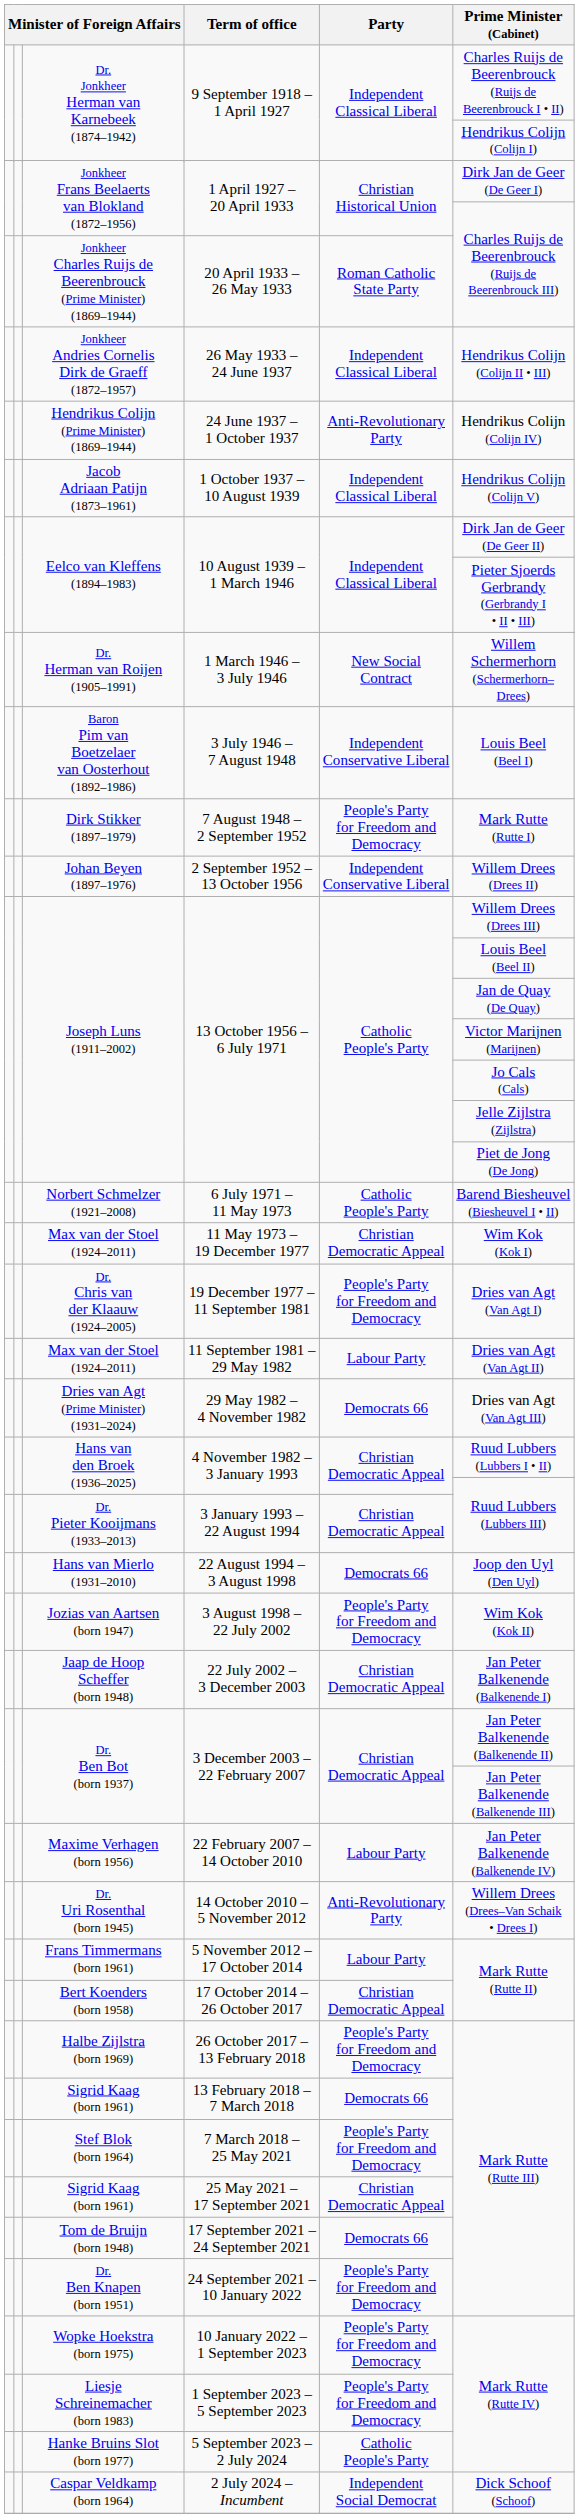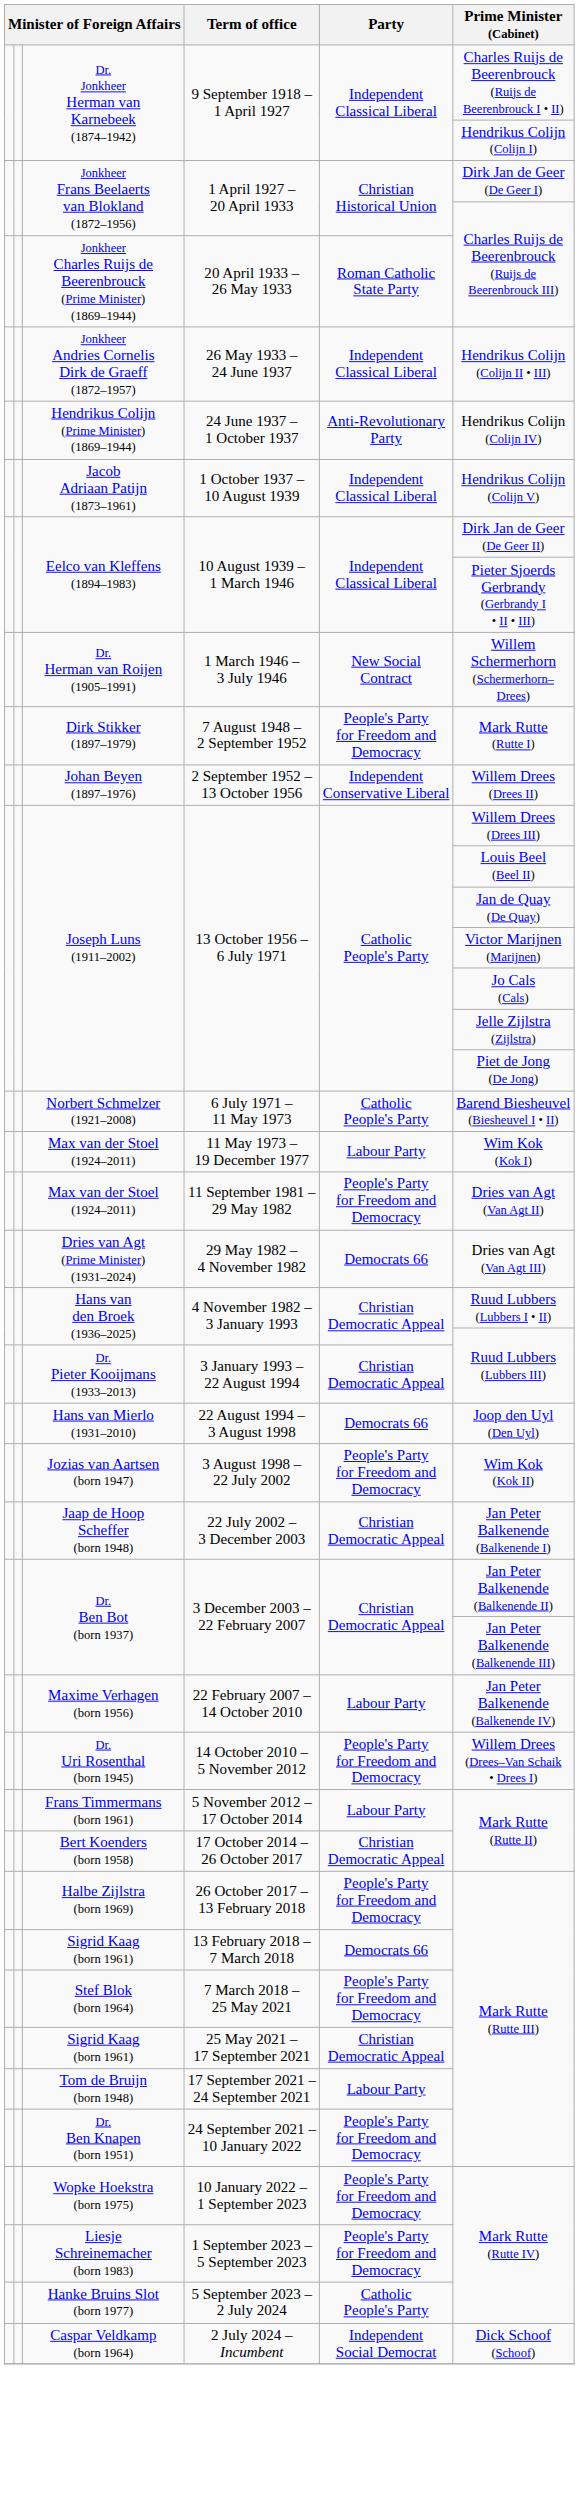 <table class="wikitable" style="text-align:center">
 <tr>
 <th colspan=3>Minister of Foreign Affairs</th>
 <th>Term of office</th>
 <th>Party</th>
 <th>Prime Minister <br> <small>(Cabinet)</small></th>
 </tr>
 <tr>
 <td rowspan=3 style="background:"></td>
 <td rowspan=3></td>
 <td rowspan=3><small><a href='#'>Dr.</a></small> <br> <small><a href='#'>Jonkheer</a></small> <br> <a href='#'>Herman van <br> Karnebeek</a> <br> <small>(1874–1942)</small></td>
 <td rowspan=3>9 September 1918 – <br> 1 April 1927 <br> </td>
 <td rowspan=3><a href='#'>Independent</a> <br> <a href='#'>Classical Liberal</a></td>
 <td><a href='#'>Charles Ruijs de <br> Beerenbrouck</a> <br> <small>(<a href='#'>Ruijs de <br> Beerenbrouck I</a> • <a href='#'>II</a>)</small> <br></td>
 </tr>
 <tr>
 <td><a href='#'>Hendrikus Colijn</a> <br> <small>(<a href='#'>Colijn I</a>)</small> <br></td>
 </tr>
 <tr>
 <td rowspan=2><a href='#'>Dirk Jan de Geer</a> <br> <small>(<a href='#'>De Geer I</a>)</small> <br></td>
 </tr>
 <tr>
 <td rowspan=2 style="background:"></td>
 <td rowspan=2></td>
 <td rowspan=2><small><a href='#'>Jonkheer</a></small> <br> <a href='#'>Frans Beelaerts <br> van Blokland</a> <br> <small>(1872–1956)</small></td>
 <td rowspan=2>1 April 1927 – <br> 20 April 1933 <br> </td>
 <td rowspan=2><a href='#'>Christian <br> Historical Union</a></td>
 </tr>
 <tr>
 <td rowspan=2><a href='#'>Charles Ruijs de <br> Beerenbrouck</a> <br> <small>(<a href='#'>Ruijs de <br> Beerenbrouck III</a>)</small> <br></td>
 </tr>
 <tr>
 <td style="background:"></td>
 <td></td>
 <td><small><a href='#'>Jonkheer</a></small> <br> <a href='#'>Charles Ruijs de <br> Beerenbrouck</a> <br> <small>(<a href='#'>Prime Minister</a>)</small> <br> <small>(1869–1944)</small></td>
 <td>20 April 1933 – <br> 26 May 1933 <br> </td>
 <td><a href='#'>Roman Catholic <br> State Party</a></td>
 </tr>
 <tr>
 <td style="background:"></td>
 <td></td>
 <td><small><a href='#'>Jonkheer</a></small> <br> <a href='#'>Andries Cornelis <br> Dirk de Graeff</a> <br> <small>(1872–1957)</small></td>
 <td>26 May 1933 – <br> 24 June 1937</td>
 <td><a href='#'>Independent</a> <br> <a href='#'>Classical Liberal</a></td>
 <td><a href='#'>Hendrikus Colijn</a> <br> <small>(<a href='#'>Colijn II</a> • <a href='#'>III</a>)</small> <br></td>
 </tr>
 <tr>
 <td style="background:"></td>
 <td></td>
 <td><a href='#'>Hendrikus Colijn</a> <br> <small>(<a href='#'>Prime Minister</a>)</small> <br> <small>(1869–1944)</small></td>
 <td>24 June 1937 – <br> 1 October 1937 <br> </td>
 <td><a href='#'>Anti-Revolutionary <br> Party</a></td>
 <td rowspan=2>Hendrikus Colijn <br> <small>(<a href='#'>Colijn IV</a>)</small> <br></td>
 </tr>
 <tr>
 <td rowspan=2 style="background:"></td>
 <td rowspan=2></td>
 <td rowspan=2><a href='#'>Jacob <br> Adriaan Patijn</a> <br> <small>(1873–1961)</small></td>
 <td rowspan=2>1 October 1937 – <br> 10 August 1939</td>
 <td rowspan=2><a href='#'>Independent</a> <br> <a href='#'>Classical Liberal</a></td>
 </tr>
 <tr>
 <td><a href='#'>Hendrikus Colijn</a> <br> <small>(<a href='#'>Colijn V</a>)</small> <br></td>
 </tr>
 <tr>
 <td rowspan=3 style="background:"></td>
 <td rowspan=3></td>
 <td rowspan=3><a href='#'>Eelco van Kleffens</a> <br> <small>(1894–1983)</small></td>
 <td rowspan=3>10 August 1939 – <br> 1 March 1946 <br> </td>
 <td rowspan=3><a href='#'>Independent</a> <br> <a href='#'>Classical Liberal</a></td>
 <td><a href='#'>Dirk Jan de Geer</a> <br> <small>(<a href='#'>De Geer II</a>)</small> <br></td>
 </tr>
 <tr>
 <td><a href='#'>Pieter Sjoerds <br> Gerbrandy</a> <br> <small>(<a href='#'>Gerbrandy I</a> <br> • <a href='#'>II</a> • <a href='#'>III</a>)</small> <br></td>
 </tr>
 <tr>
 <td rowspan=2><a href='#'>Willem <br> Schermerhorn</a> <br> <small>(<a href='#'>Schermerhorn–<br>Drees</a>)</small> <br></td>
 </tr>
 <tr>
 <td style="background:"></td>
 <td></td>
 <td><small><a href='#'>Dr.</a></small> <br> <a href='#'>Herman van Roijen</a> <br> <small>(1905–1991)</small></td>
 <td>1 March 1946 – <br> 3 July 1946</td>
 <td><a href='#'>New Social <br> Contract</a></td>
 </tr>
 <tr>
 <td style="background:"></td>
 <td></td>
-<td><small><a href='#'>Baron</a></small> <br> <a href='#'>Pim van <br> Boetzelaer <br> van Oosterhout</a> <br> <small>(1892–1986)</small></td>
-<td>3 July 1946 – <br> 7 August 1948</td>
-<td><a href='#'>Independent</a> <br> <a href='#'>Conservative Liberal</a></td>
-<td><a href='#'>Louis Beel</a> <br> <small>(<a href='#'>Beel I</a>)</small> <br></td>
-</tr>
-<tr>
-<td style="background:"></td>
-<td></td>
 <td><a href='#'>Dirk Stikker</a> <br> <small>(1897–1979)</small></td>
 <td>7 August 1948 – <br> 2 September 1952</td>
 <td><a href='#'>People's Party <br> for Freedom and <br> Democracy</a></td>
 <td><a href='#'>Mark Rutte</a> <br> <small>(<a href='#'>Rutte I</a>)</small> <br></td>
 </tr>
 <tr>
 <td style="background:"></td>
 <td></td>
 <td><a href='#'>Johan Beyen</a> <br> <small>(1897–1976)</small></td>
 <td>2 September 1952 – <br> 13 October 1956</td>
 <td><a href='#'>Independent</a> <br> <a href='#'>Conservative Liberal</a></td>
 <td><a href='#'>Willem Drees</a> <br> <small>(<a href='#'>Drees II</a>)</small> <br></td>
 </tr>
 <tr>
 <td rowspan=7 style="background:"></td>
 <td rowspan=7></td>
 <td rowspan=7><a href='#'>Joseph Luns</a> <br> <small>(1911–2002)</small></td>
 <td rowspan=7>13 October 1956 – <br> 6 July 1971</td>
 <td rowspan=7><a href='#'>Catholic <br> People's Party</a></td>
 <td><a href='#'>Willem Drees</a> <br> <small>(<a href='#'>Drees III</a>)</small></td>
 </tr>
 <tr>
 <td><a href='#'>Louis Beel</a> <br> <small>(<a href='#'>Beel II</a>)</small></td>
 </tr>
 <tr>
 <td><a href='#'>Jan de Quay</a> <br> <small>(<a href='#'>De Quay</a>)</small></td>
 </tr>
 <tr>
 <td><a href='#'>Victor Marijnen</a> <br> <small>(<a href='#'>Marijnen</a>)</small></td>
 </tr>
 <tr>
 <td><a href='#'>Jo Cals</a> <br> <small>(<a href='#'>Cals</a>)</small></td>
 </tr>
 <tr>
 <td><a href='#'>Jelle Zijlstra</a> <br> <small>(<a href='#'>Zijlstra</a>)</small></td>
 </tr>
 <tr>
 <td><a href='#'>Piet de Jong</a> <br> <small>(<a href='#'>De Jong</a>)</small></td>
 </tr>
 <tr>
 <td style="background:"></td>
 <td></td>
 <td><a href='#'>Norbert Schmelzer</a> <br> <small>(1921–2008)</small></td>
 <td>6 July 1971 – <br> 11 May 1973</td>
 <td><a href='#'>Catholic <br> People's Party</a></td>
 <td><a href='#'>Barend Biesheuvel</a> <br> <small>(<a href='#'>Biesheuvel I</a> • <a href='#'>II</a>)</small> <br></td>
 </tr>
 <tr>
 <td style="background:"></td>
 <td></td>
 <td><a href='#'>Max van der Stoel</a> <br> <small>(1924–2011)</small></td>
 <td>11 May 1973 – <br> 19 December 1977</td>
-<td><a href='#'>Christian <br> Democratic Appeal</a></td>
+<td><a href='#'>Labour Party</a></td>
 <td><a href='#'>Wim Kok</a> <br> <small>(<a href='#'>Kok I</a>)</small> <br></td>
-</tr>
-<tr>
-<td style="background:"></td>
-<td></td>
-<td><small><a href='#'>Dr.</a></small> <br> <a href='#'>Chris van <br> der Klaauw</a> <br> <small>(1924–2005)</small></td>
-<td>19 December 1977 – <br> 11 September 1981</td>
-<td><a href='#'>People's Party <br> for Freedom and <br> Democracy</a></td>
-<td><a href='#'>Dries van Agt</a> <br> <small>(<a href='#'>Van Agt I</a>)</small> <br></td>
 </tr>
 <tr>
 <td style="background:"></td>
 <td></td>
 <td><a href='#'>Max van der Stoel</a> <br> <small>(1924–2011)</small></td>
 <td>11 September 1981 – <br> 29 May 1982 <br> </td>
-<td><a href='#'>Labour Party</a></td>
+<td><a href='#'>People's Party <br> for Freedom and <br> Democracy</a></td>
 <td><a href='#'>Dries van Agt</a> <br> <small>(<a href='#'>Van Agt II</a>)</small> <br></td>
 </tr>
 <tr>
 <td style="background:"></td>
 <td></td>
 <td><a href='#'>Dries van Agt</a> <br> <small>(<a href='#'>Prime Minister</a>)</small> <br> <small>(1931–2024)</small></td>
 <td>29 May 1982 – <br> 4 November 1982</td>
 <td><a href='#'>Democrats 66</a></td>
 <td>Dries van Agt <br> <small>(<a href='#'>Van Agt III</a>)</small> <br></td>
 </tr>
 <tr>
 <td rowspan=2 style="background:"></td>
 <td rowspan=2></td>
 <td rowspan=2><a href='#'>Hans van <br> den Broek</a> <br> <small>(1936–2025)</small></td>
 <td rowspan=2>4 November 1982 – <br> 3 January 1993 <br> </td>
 <td rowspan=2><a href='#'>Christian <br> Democratic Appeal</a></td>
 <td><a href='#'>Ruud Lubbers</a> <br> <small>(<a href='#'>Lubbers I</a> • <a href='#'>II</a>)</small> <br></td>
 </tr>
 <tr>
 <td rowspan=2><a href='#'>Ruud Lubbers</a> <br> <small>(<a href='#'>Lubbers III</a>)</small> <br></td>
 </tr>
 <tr>
 <td style="background:"></td>
 <td></td>
 <td><small><a href='#'>Dr.</a></small> <br> <a href='#'>Pieter Kooijmans</a> <br> <small>(1933–2013)</small></td>
 <td>3 January 1993 – <br> 22 August 1994</td>
 <td><a href='#'>Christian <br> Democratic Appeal</a></td>
 </tr>
 <tr>
 <td style="background:"></td>
 <td></td>
 <td><a href='#'>Hans van Mierlo</a> <br> <small>(1931–2010)</small> <br> <small></small></td>
 <td>22 August 1994 – <br> 3 August 1998</td>
 <td><a href='#'>Democrats 66</a></td>
 <td><a href='#'>Joop den Uyl</a> <br> <small>(<a href='#'>Den Uyl</a>)</small> <br></td>
 </tr>
 <tr>
 <td style="background:"></td>
 <td></td>
 <td><a href='#'>Jozias van Aartsen</a> <br> <small>(born 1947)</small></td>
 <td>3 August 1998 – <br> 22 July 2002</td>
 <td><a href='#'>People's Party <br> for Freedom and <br> Democracy</a></td>
 <td><a href='#'>Wim Kok</a> <br> <small>(<a href='#'>Kok II</a>)</small> <br></td>
 </tr>
 <tr>
 <td rowspan=2 style="background:"></td>
 <td rowspan=2></td>
 <td rowspan=2><a href='#'>Jaap de Hoop <br> Scheffer</a> <br> <small>(born 1948)</small></td>
 <td rowspan=2>22 July 2002 – <br> 3 December 2003 <br> </td>
 <td rowspan=2><a href='#'>Christian <br> Democratic Appeal</a></td>
 <td><a href='#'>Jan Peter <br> Balkenende</a> <br> <small>(<a href='#'>Balkenende I</a>)</small> <br></td>
 </tr>
 <tr>
 <td rowspan=2><a href='#'>Jan Peter <br> Balkenende</a> <br> <small>(<a href='#'>Balkenende II</a>)</small> <br></td>
 </tr>
 <tr>
 <td rowspan=2 style="background:"></td>
 <td rowspan=2></td>
 <td rowspan=2><small><a href='#'>Dr.</a></small> <br> <a href='#'>Ben Bot</a> <br> <small>(born 1937)</small></td>
 <td rowspan=2>3 December 2003 – <br> 22 February 2007</td>
 <td rowspan=2><a href='#'>Christian <br> Democratic Appeal</a></td>
 </tr>
 <tr>
 <td><a href='#'>Jan Peter <br> Balkenende</a> <br> <small>(<a href='#'>Balkenende III</a>)</small> <br></td>
 </tr>
 <tr>
 <td style="background:"></td>
 <td></td>
 <td><a href='#'>Maxime Verhagen</a> <br> <small>(born 1956)</small></td>
 <td>22 February 2007 – <br> 14 October 2010 <br> </td>
 <td><a href='#'>Labour Party</a></td>
 <td><a href='#'>Jan Peter <br> Balkenende</a> <br> <small>(<a href='#'>Balkenende IV</a>)</small> <br></td>
 </tr>
 <tr>
 <td style="background:"></td>
 <td></td>
 <td><small><a href='#'>Dr.</a></small> <br> <a href='#'>Uri Rosenthal</a> <br> <small>(born 1945)</small></td>
 <td>14 October 2010 – <br> 5 November 2012</td>
-<td><a href='#'>Anti-Revolutionary <br> Party</a></td>
+<td><a href='#'>People's Party <br> for Freedom and <br> Democracy</a></td>
 <td><a href='#'>Willem Drees</a> <br> <small>(<a href='#'>Drees–Van Schaik</a> <br> • <a href='#'>Drees I</a>)</small> <br></td>
 </tr>
 <tr>
 <td style="background:"></td>
 <td></td>
 <td><a href='#'>Frans Timmermans</a> <br> <small>(born 1961)</small></td>
 <td>5 November 2012 – <br> 17 October 2014 <br> </td>
 <td><a href='#'>Labour Party</a></td>
 <td rowspan=2><a href='#'>Mark Rutte</a> <br> <small>(<a href='#'>Rutte II</a>)</small> <br></td>
 </tr>
 <tr>
 <td style="background:"></td>
 <td></td>
 <td><a href='#'>Bert Koenders</a> <br> <small>(born 1958)</small></td>
 <td>17 October 2014 – <br> 26 October 2017</td>
 <td><a href='#'>Christian <br> Democratic Appeal</a></td>
 </tr>
 <tr>
 <td style="background:"></td>
 <td></td>
 <td><a href='#'>Halbe Zijlstra</a> <br> <small>(born 1969)</small></td>
 <td>26 October 2017 – <br> 13 February 2018 <br> </td>
 <td><a href='#'>People's Party <br> for Freedom and <br> Democracy</a></td>
 <td rowspan=6><a href='#'>Mark Rutte</a> <br> <small>(<a href='#'>Rutte III</a>)</small> <br></td>
 </tr>
 <tr>
 <td style="background:"></td>
 <td></td>
 <td><a href='#'>Sigrid Kaag</a> <br> <small>(born 1961)</small></td>
 <td>13 February 2018 – <br> 7 March 2018 <br>  </td>
 <td><a href='#'>Democrats 66</a></td>
 </tr>
 <tr>
 <td style="background:"></td>
 <td></td>
 <td><a href='#'>Stef Blok</a> <br> <small>(born 1964)</small></td>
 <td>7 March 2018 – <br> 25 May 2021 <br> </td>
 <td><a href='#'>People's Party <br> for Freedom and <br> Democracy</a></td>
 </tr>
 <tr>
 <td style="background:"></td>
 <td></td>
 <td><a href='#'>Sigrid Kaag</a> <br> <small>(born 1961)</small></td>
 <td>25 May 2021 – <br> 17 September 2021 <br>   </td>
 <td><a href='#'>Christian <br> Democratic Appeal</a></td>
 </tr>
 <tr>
 <td style="background:"></td>
 <td></td>
 <td><a href='#'>Tom de Bruijn</a> <br> <small>(born 1948)</small></td>
 <td>17 September 2021 – <br> 24 September 2021 <br>  </td>
-<td><a href='#'>Democrats 66</a></td>
+<td><a href='#'>Labour Party</a></td>
 </tr>
 <tr>
 <td style="background:"></td>
 <td></td>
 <td><small><a href='#'>Dr.</a></small> <br> <a href='#'>Ben Knapen</a> <br> <small>(born 1951)</small></td>
 <td>24 September 2021 – <br> 10 January 2022</td>
 <td><a href='#'>People's Party <br> for Freedom and <br> Democracy</a></td>
 </tr>
 <tr>
 <td style="background:"></td>
 <td></td>
 <td><a href='#'>Wopke Hoekstra</a> <br> <small>(born 1975)</small> <br> <small></small></td>
 <td>10 January 2022 – <br> 1 September 2023 <br> </td>
 <td><a href='#'>People's Party <br> for Freedom and <br> Democracy</a></td>
 <td rowspan=3><a href='#'>Mark Rutte</a> <br> <small>(<a href='#'>Rutte IV</a>)</small> <br></td>
 </tr>
 <tr>
 <td style="background:"></td>
 <td></td>
 <td><a href='#'>Liesje <br> Schreinemacher</a> <br> <small>(born 1983)</small></td>
 <td>1 September 2023 – <br> 5 September 2023 <br>  </td>
 <td><a href='#'>People's Party <br> for Freedom and <br> Democracy</a></td>
 </tr>
 <tr>
 <td style="background:"></td>
 <td></td>
 <td><a href='#'>Hanke Bruins Slot</a> <br> <small>(born 1977)</small></td>
 <td>5 September 2023 – <br> 2 July 2024 <br></td>
 <td><a href='#'>Catholic <br> People's Party</a></td>
 </tr>
 <tr>
 <td style="background:"></td>
 <td></td>
 <td><a href='#'>Caspar Veldkamp</a> <br> <small>(born 1964)</small></td>
 <td>2 July 2024 – <br> <em>Incumbent</em></td>
 <td><a href='#'>Independent</a> <br> <a href='#'>Social Democrat</a></td>
 <td><a href='#'>Dick Schoof</a> <br> <small>(<a href='#'>Schoof</a>)</small> <br></td>
 </tr>
 <tr>
 </tr>
 </table>
